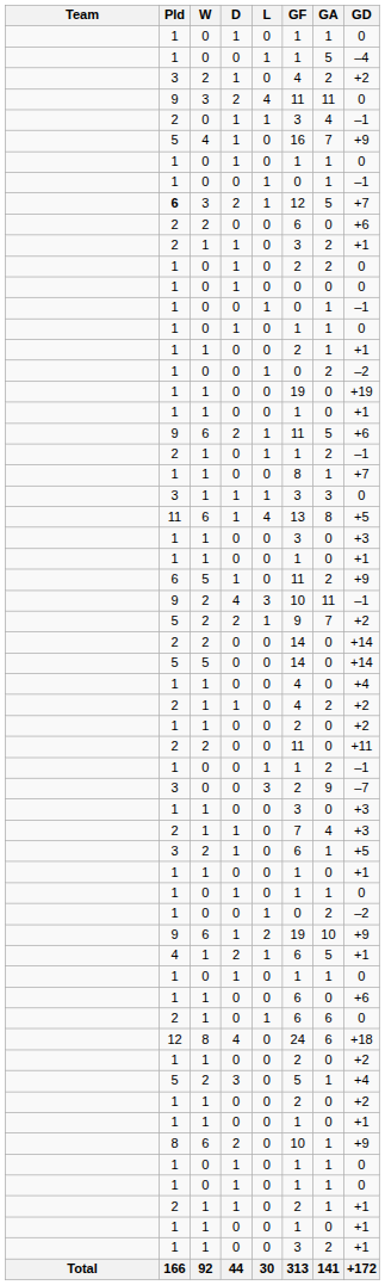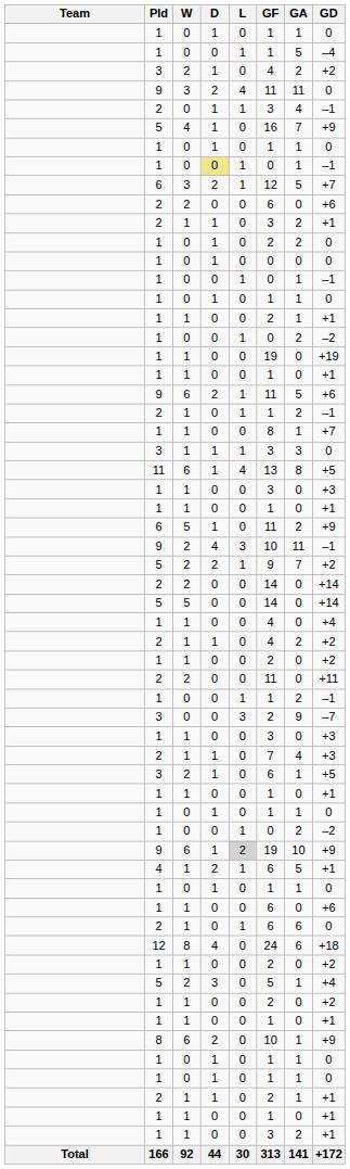 <table class="wikitable sortable" style="text-align: center;">
 <tr>
 <th width=180>Team</th>
 <th width=30>Pld</th>
 <th width=30>W</th>
 <th width=30>D</th>
 <th width=30>L</th>
 <th width=30>GF</th>
 <th width=30>GA</th>
 <th width=30>GD</th>
 </tr>
 <tr>
 <td align="left"></td>
 <td>1</td>
 <td>0</td>
 <td>1</td>
 <td>0</td>
 <td>1</td>
 <td>1</td>
 <td>0</td>
 </tr>
 <tr>
 <td align="left"></td>
 <td>1</td>
 <td>0</td>
 <td>0</td>
 <td>1</td>
 <td>1</td>
 <td>5</td>
 <td>–4</td>
 </tr>
 <tr>
 <td align="left"></td>
 <td>3</td>
 <td>2</td>
 <td>1</td>
 <td>0</td>
 <td>4</td>
 <td>2</td>
 <td>+2</td>
 </tr>
 <tr>
 <td align="left"></td>
 <td>9</td>
 <td>3</td>
 <td>2</td>
 <td>4</td>
 <td>11</td>
 <td>11</td>
 <td>0</td>
 </tr>
 <tr>
 <td align="left"></td>
 <td>2</td>
 <td>0</td>
 <td>1</td>
 <td>1</td>
 <td>3</td>
 <td>4</td>
 <td>–1</td>
 </tr>
 <tr>
 <td align="left"></td>
 <td>5</td>
 <td>4</td>
 <td>1</td>
 <td>0</td>
 <td>16</td>
 <td>7</td>
 <td>+9</td>
 </tr>
 <tr>
 <td align="left"></td>
 <td>1</td>
 <td>0</td>
 <td>1</td>
 <td>0</td>
 <td>1</td>
 <td>1</td>
 <td>0</td>
 </tr>
 <tr>
 <td align="left"></td>
 <td>1</td>
 <td>0</td>
-<td>0</td>
+<td style="background: khaki;">0</td>
 <td>1</td>
 <td>0</td>
 <td>1</td>
 <td>–1</td>
 </tr>
 <tr>
 <td align="left"></td>
-<td><strong>6</strong></td>
+<td>6</td>
 <td>3</td>
 <td>2</td>
 <td>1</td>
 <td>12</td>
 <td>5</td>
 <td>+7</td>
 </tr>
 <tr>
 <td align="left"></td>
 <td>2</td>
 <td>2</td>
 <td>0</td>
 <td>0</td>
 <td>6</td>
 <td>0</td>
 <td>+6</td>
 </tr>
 <tr>
 <td align="left"></td>
 <td>2</td>
 <td>1</td>
 <td>1</td>
 <td>0</td>
 <td>3</td>
 <td>2</td>
 <td>+1</td>
 </tr>
 <tr>
 <td align="left"></td>
 <td>1</td>
 <td>0</td>
 <td>1</td>
 <td>0</td>
 <td>2</td>
 <td>2</td>
 <td>0</td>
 </tr>
 <tr>
 <td align="left"></td>
 <td>1</td>
 <td>0</td>
 <td>1</td>
 <td>0</td>
 <td>0</td>
 <td>0</td>
 <td>0</td>
 </tr>
 <tr>
 <td align="left"></td>
 <td>1</td>
 <td>0</td>
 <td>0</td>
 <td>1</td>
 <td>0</td>
 <td>1</td>
 <td>–1</td>
 </tr>
 <tr>
 <td align="left"></td>
 <td>1</td>
 <td>0</td>
 <td>1</td>
 <td>0</td>
 <td>1</td>
 <td>1</td>
 <td>0</td>
 </tr>
 <tr>
 <td align="left"></td>
 <td>1</td>
 <td>1</td>
 <td>0</td>
 <td>0</td>
 <td>2</td>
 <td>1</td>
 <td>+1</td>
 </tr>
 <tr>
 <td align="left"></td>
 <td>1</td>
 <td>0</td>
 <td>0</td>
 <td>1</td>
 <td>0</td>
 <td>2</td>
 <td>–2</td>
 </tr>
 <tr>
 <td align="left"></td>
 <td>1</td>
 <td>1</td>
 <td>0</td>
 <td>0</td>
 <td>19</td>
 <td>0</td>
 <td>+19</td>
 </tr>
 <tr>
 <td align="left"></td>
 <td>1</td>
 <td>1</td>
 <td>0</td>
 <td>0</td>
 <td>1</td>
 <td>0</td>
 <td>+1</td>
 </tr>
 <tr>
 <td align="left"></td>
 <td>9</td>
 <td>6</td>
 <td>2</td>
 <td>1</td>
 <td>11</td>
 <td>5</td>
 <td>+6</td>
 </tr>
 <tr>
 <td align="left"></td>
 <td>2</td>
 <td>1</td>
 <td>0</td>
 <td>1</td>
 <td>1</td>
 <td>2</td>
 <td>–1</td>
 </tr>
 <tr>
 <td align="left"></td>
 <td>1</td>
 <td>1</td>
 <td>0</td>
 <td>0</td>
 <td>8</td>
 <td>1</td>
 <td>+7</td>
 </tr>
 <tr>
 <td align="left"></td>
 <td>3</td>
 <td>1</td>
 <td>1</td>
 <td>1</td>
 <td>3</td>
 <td>3</td>
 <td>0</td>
 </tr>
 <tr>
 <td align="left"></td>
 <td>11</td>
 <td>6</td>
 <td>1</td>
 <td>4</td>
 <td>13</td>
 <td>8</td>
 <td>+5</td>
 </tr>
 <tr>
 <td align="left"></td>
 <td>1</td>
 <td>1</td>
 <td>0</td>
 <td>0</td>
 <td>3</td>
 <td>0</td>
 <td>+3</td>
 </tr>
 <tr>
 <td align="left"></td>
 <td>1</td>
 <td>1</td>
 <td>0</td>
 <td>0</td>
 <td>1</td>
 <td>0</td>
 <td>+1</td>
 </tr>
 <tr>
 <td align="left"></td>
 <td>6</td>
 <td>5</td>
 <td>1</td>
 <td>0</td>
 <td>11</td>
 <td>2</td>
 <td>+9</td>
 </tr>
 <tr>
 <td align="left"></td>
 <td>9</td>
 <td>2</td>
 <td>4</td>
 <td>3</td>
 <td>10</td>
 <td>11</td>
 <td>–1</td>
 </tr>
 <tr>
 <td align="left"></td>
 <td>5</td>
 <td>2</td>
 <td>2</td>
 <td>1</td>
 <td>9</td>
 <td>7</td>
 <td>+2</td>
 </tr>
 <tr>
 <td align="left"></td>
 <td>2</td>
 <td>2</td>
 <td>0</td>
 <td>0</td>
 <td>14</td>
 <td>0</td>
 <td>+14</td>
 </tr>
 <tr>
 <td align="left"></td>
 <td>5</td>
 <td>5</td>
 <td>0</td>
 <td>0</td>
 <td>14</td>
 <td>0</td>
 <td>+14</td>
 </tr>
 <tr>
 <td align="left"></td>
 <td>1</td>
 <td>1</td>
 <td>0</td>
 <td>0</td>
 <td>4</td>
 <td>0</td>
 <td>+4</td>
 </tr>
 <tr>
 <td align="left"></td>
 <td>2</td>
 <td>1</td>
 <td>1</td>
 <td>0</td>
 <td>4</td>
 <td>2</td>
 <td>+2</td>
 </tr>
 <tr>
 <td align="left"></td>
 <td>1</td>
 <td>1</td>
 <td>0</td>
 <td>0</td>
 <td>2</td>
 <td>0</td>
 <td>+2</td>
 </tr>
 <tr>
 <td align="left"></td>
 <td>2</td>
 <td>2</td>
 <td>0</td>
 <td>0</td>
 <td>11</td>
 <td>0</td>
 <td>+11</td>
 </tr>
 <tr>
 <td align="left"></td>
 <td>1</td>
 <td>0</td>
 <td>0</td>
 <td>1</td>
 <td>1</td>
 <td>2</td>
 <td>–1</td>
 </tr>
 <tr>
 <td align="left"></td>
 <td>3</td>
 <td>0</td>
 <td>0</td>
 <td>3</td>
 <td>2</td>
 <td>9</td>
 <td>–7</td>
 </tr>
 <tr>
 <td align="left"></td>
 <td>1</td>
 <td>1</td>
 <td>0</td>
 <td>0</td>
 <td>3</td>
 <td>0</td>
 <td>+3</td>
 </tr>
 <tr>
 <td align="left"></td>
 <td>2</td>
 <td>1</td>
 <td>1</td>
 <td>0</td>
 <td>7</td>
 <td>4</td>
 <td>+3</td>
 </tr>
 <tr>
 <td align="left"></td>
 <td>3</td>
 <td>2</td>
 <td>1</td>
 <td>0</td>
 <td>6</td>
 <td>1</td>
 <td>+5</td>
 </tr>
 <tr>
 <td align="left"></td>
 <td>1</td>
 <td>1</td>
 <td>0</td>
 <td>0</td>
 <td>1</td>
 <td>0</td>
 <td>+1</td>
 </tr>
 <tr>
 <td align="left"></td>
 <td>1</td>
 <td>0</td>
 <td>1</td>
 <td>0</td>
 <td>1</td>
 <td>1</td>
 <td>0</td>
 </tr>
 <tr>
 <td align="left"></td>
 <td>1</td>
 <td>0</td>
 <td>0</td>
 <td>1</td>
 <td>0</td>
 <td>2</td>
 <td>–2</td>
 </tr>
 <tr>
 <td align="left"></td>
 <td>9</td>
 <td>6</td>
 <td>1</td>
-<td>2</td>
+<td style="background: lightgrey;">2</td>
 <td>19</td>
 <td>10</td>
 <td>+9</td>
 </tr>
 <tr>
 <td align="left"></td>
 <td>4</td>
 <td>1</td>
 <td>2</td>
 <td>1</td>
 <td>6</td>
 <td>5</td>
 <td>+1</td>
 </tr>
 <tr>
 <td align="left"></td>
 <td>1</td>
 <td>0</td>
 <td>1</td>
 <td>0</td>
 <td>1</td>
 <td>1</td>
 <td>0</td>
 </tr>
 <tr>
 <td align="left"></td>
 <td>1</td>
 <td>1</td>
 <td>0</td>
 <td>0</td>
 <td>6</td>
 <td>0</td>
 <td>+6</td>
 </tr>
 <tr>
 <td align="left"></td>
 <td>2</td>
 <td>1</td>
 <td>0</td>
 <td>1</td>
 <td>6</td>
 <td>6</td>
 <td>0</td>
 </tr>
 <tr>
 <td align="left"></td>
 <td>12</td>
 <td>8</td>
 <td>4</td>
 <td>0</td>
 <td>24</td>
 <td>6</td>
 <td>+18</td>
 </tr>
 <tr>
 <td align="left"></td>
 <td>1</td>
 <td>1</td>
 <td>0</td>
 <td>0</td>
 <td>2</td>
 <td>0</td>
 <td>+2</td>
 </tr>
 <tr>
 <td align="left"></td>
 <td>5</td>
 <td>2</td>
 <td>3</td>
 <td>0</td>
 <td>5</td>
 <td>1</td>
 <td>+4</td>
 </tr>
 <tr>
 <td align="left"></td>
 <td>1</td>
 <td>1</td>
 <td>0</td>
 <td>0</td>
 <td>2</td>
 <td>0</td>
 <td>+2</td>
 </tr>
 <tr>
 <td align="left"></td>
 <td>1</td>
 <td>1</td>
 <td>0</td>
 <td>0</td>
 <td>1</td>
 <td>0</td>
 <td>+1</td>
 </tr>
 <tr>
 <td align="left"></td>
 <td>8</td>
 <td>6</td>
 <td>2</td>
 <td>0</td>
 <td>10</td>
 <td>1</td>
 <td>+9</td>
 </tr>
 <tr>
 <td align="left"></td>
 <td>1</td>
 <td>0</td>
 <td>1</td>
 <td>0</td>
 <td>1</td>
 <td>1</td>
 <td>0</td>
 </tr>
 <tr>
 <td align="left"></td>
 <td>1</td>
 <td>0</td>
 <td>1</td>
 <td>0</td>
 <td>1</td>
 <td>1</td>
 <td>0</td>
 </tr>
 <tr>
 <td align="left"></td>
 <td>2</td>
 <td>1</td>
 <td>1</td>
 <td>0</td>
 <td>2</td>
 <td>1</td>
 <td>+1</td>
 </tr>
 <tr>
 <td align="left"></td>
 <td>1</td>
 <td>1</td>
 <td>0</td>
 <td>0</td>
 <td>1</td>
 <td>0</td>
 <td>+1</td>
 </tr>
 <tr>
 <td align="left"></td>
 <td>1</td>
 <td>1</td>
 <td>0</td>
 <td>0</td>
 <td>3</td>
 <td>2</td>
 <td>+1</td>
 </tr>
 <tr>
 <th>Total</th>
 <th>166</th>
 <th>92</th>
 <th>44</th>
 <th>30</th>
 <th>313</th>
 <th>141</th>
 <th>+172</th>
 </tr>
 </table>
